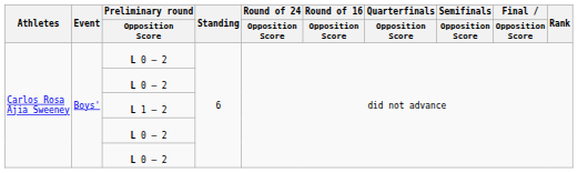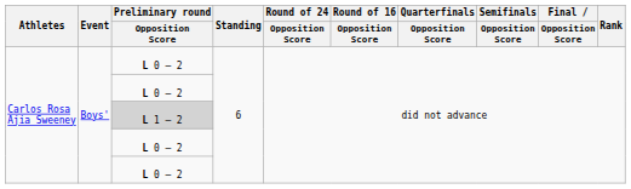 <table class=wikitable style="font-size:90%">
 <tr>
 <th rowspan="2">Athletes</th>
 <th rowspan="2">Event</th>
 <th>Preliminary round</th>
 <th rowspan="2">Standing</th>
 <th>Round of 24</th>
 <th>Round of 16</th>
 <th>Quarterfinals</th>
 <th>Semifinals</th>
 <th>Final / </th>
 <th rowspan=2>Rank</th>
 </tr>
 <tr style="font-size:95%">
 <th>Opposition<br>Score</th>
 <th>Opposition<br>Score</th>
 <th>Opposition<br>Score</th>
 <th>Opposition<br>Score</th>
 <th>Opposition<br>Score</th>
 <th>Opposition<br>Score</th>
 </tr>
 <tr align=center>
 <td align=left rowspan=5><a href='#'>Carlos Rosa</a><br><a href='#'>Ajia Sweeney</a></td>
 <td align=left rowspan=5><a href='#'>Boys'</a></td>
 <td><br><strong>L</strong> 0 – 2</td>
 <td rowspan=5>6</td>
 <td rowspan=5 colspan=6>did not advance</td>
 </tr>
 <tr align=center>
 <td><br><strong>L</strong> 0 – 2</td>
 </tr>
 <tr align=center>
-<td><br><strong>L</strong> 1 – 2</td>
+<td style="background: lightgrey;"><br><strong>L</strong> 1 – 2</td>
 </tr>
 <tr align=center>
 <td><br><strong>L</strong> 0 – 2</td>
 </tr>
 <tr align=center>
 <td><br><strong>L</strong> 0 – 2</td>
 </tr>
 </table>
